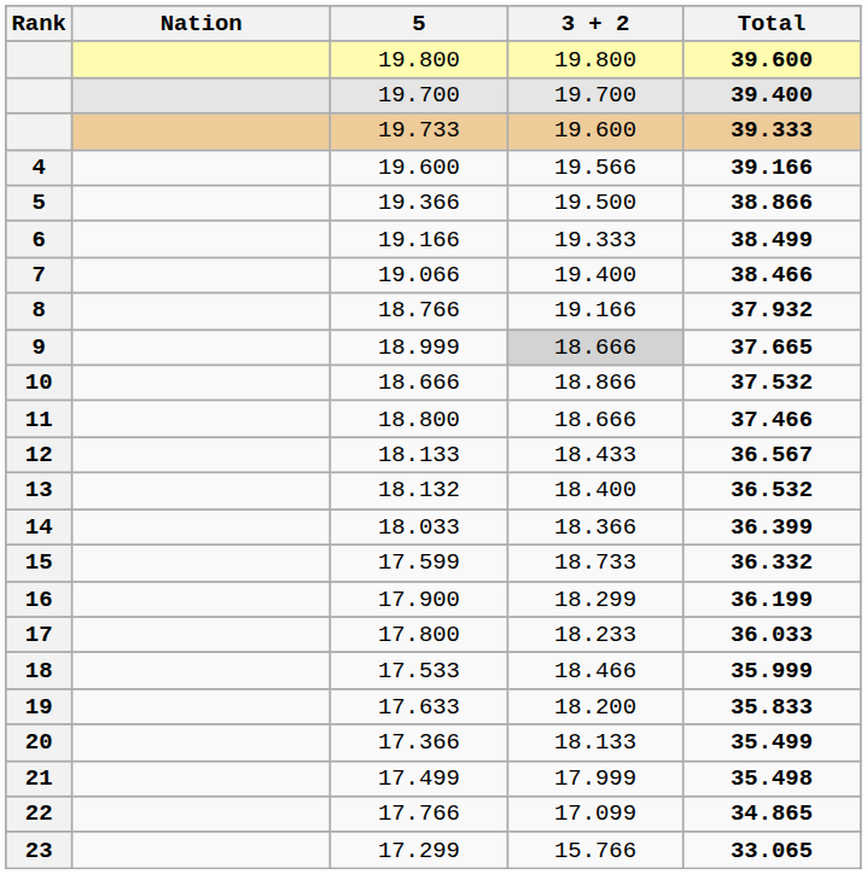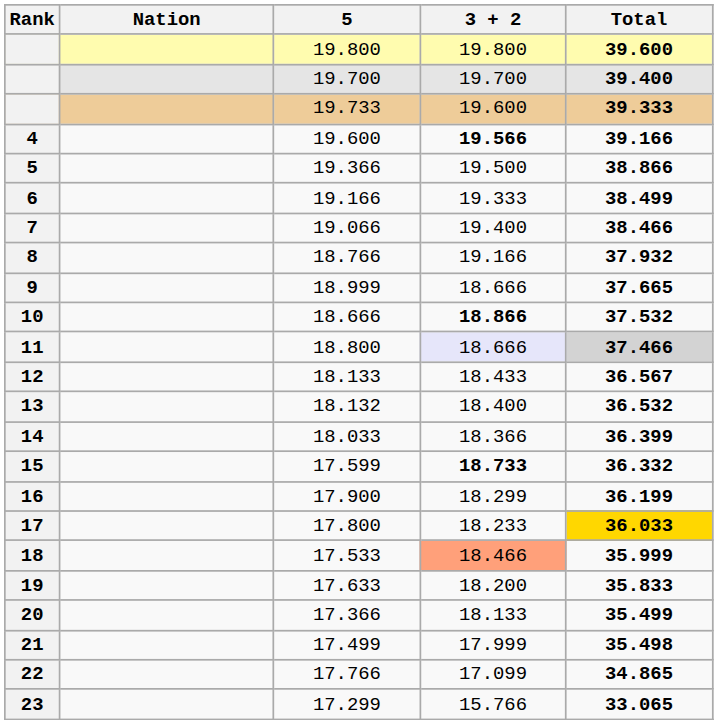 <table class="wikitable sortable" style="text-align:center; font-size:85%">
 <tr>
 <th scope="col" style="width:20px;">Rank</th>
 <th ! scope="col" style="width:120px;">Nation</th>
 <th ! scope="col" style="width:80px;">5 </th>
 <th ! scope="col" style="width:80px;">3  + 2 </th>
 <th ! scope="col" style="width:80px;">Total</th>
 </tr>
 <tr style="background:#fffcaf;">
 <th scope=row style="text-align:center"></th>
 <td align=left></td>
 <td>19.800</td>
 <td>19.800</td>
 <td><strong>39.600</strong></td>
 </tr>
 <tr |- style="background:#e5e5e5;">
 <th scope=row style="text-align:center"></th>
 <td align=left></td>
 <td>19.700</td>
 <td>19.700</td>
 <td><strong>39.400</strong></td>
 </tr>
 <tr style="background:#ec9;">
 <th scope=row style="text-align:center"></th>
 <td align=left></td>
 <td>19.733</td>
 <td>19.600</td>
 <td><strong>39.333</strong></td>
 </tr>
 <tr>
 <th scope=row style="text-align:center">4</th>
 <td align=left></td>
 <td>19.600</td>
-<td>19.566</td>
+<td><strong>19.566</strong></td>
 <td><strong>39.166</strong></td>
 </tr>
 <tr>
 <th scope=row style="text-align:center">5</th>
 <td align=left></td>
 <td>19.366</td>
 <td>19.500</td>
 <td><strong>38.866</strong></td>
 </tr>
 <tr>
 <th scope=row style="text-align:center">6</th>
 <td align=left></td>
 <td>19.166</td>
 <td>19.333</td>
 <td><strong>38.499</strong></td>
 </tr>
 <tr>
 <th scope=row style="text-align:center">7</th>
 <td align=left></td>
 <td>19.066</td>
 <td>19.400</td>
 <td><strong>38.466</strong></td>
 </tr>
 <tr>
 <th scope=row style="text-align:center">8</th>
 <td align=left></td>
 <td>18.766</td>
 <td>19.166</td>
 <td><strong>37.932</strong></td>
 </tr>
 <tr>
 <th scope=row style="text-align:center">9</th>
 <td align=left></td>
 <td>18.999</td>
-<td style="background: lightgrey;">18.666</td>
+<td>18.666</td>
 <td><strong>37.665</strong></td>
 </tr>
 <tr>
 <th scope=row style="text-align:center">10</th>
 <td align=left></td>
 <td>18.666</td>
-<td>18.866</td>
+<td><strong>18.866</strong></td>
 <td><strong>37.532</strong></td>
 </tr>
 <tr>
 <th scope=row style="text-align:center">11</th>
 <td align=left></td>
 <td>18.800</td>
-<td>18.666</td>
-<td><strong>37.466</strong></td>
+<td style="background: lavender;">18.666</td>
+<td style="background: lightgrey;"><strong>37.466</strong></td>
 </tr>
 <tr>
 <th scope=row style="text-align:center">12</th>
 <td align=left></td>
 <td>18.133</td>
 <td>18.433</td>
 <td><strong>36.567</strong></td>
 </tr>
 <tr>
 <th scope=row style="text-align:center">13</th>
 <td align=left></td>
 <td>18.132</td>
 <td>18.400</td>
 <td><strong>36.532</strong></td>
 </tr>
 <tr>
 <th scope=row style="text-align:center">14</th>
 <td align=left></td>
 <td>18.033</td>
 <td>18.366</td>
 <td><strong>36.399</strong></td>
 </tr>
 <tr>
 <th scope=row style="text-align:center">15</th>
 <td align=left></td>
 <td>17.599</td>
-<td>18.733</td>
+<td><strong>18.733</strong></td>
 <td><strong>36.332</strong></td>
 </tr>
 <tr>
 <th scope=row style="text-align:center">16</th>
 <td align=left></td>
 <td>17.900</td>
 <td>18.299</td>
 <td><strong>36.199</strong></td>
 </tr>
 <tr>
 <th scope=row style="text-align:center">17</th>
 <td align=left></td>
 <td>17.800</td>
 <td>18.233</td>
-<td><strong>36.033</strong></td>
+<td style="background: gold;"><strong>36.033</strong></td>
 </tr>
 <tr>
 <th scope=row style="text-align:center">18</th>
 <td align=left></td>
 <td>17.533</td>
-<td>18.466</td>
+<td style="background: lightsalmon;">18.466</td>
 <td><strong>35.999</strong></td>
 </tr>
 <tr>
 <th scope=row style="text-align:center">19</th>
 <td align=left></td>
 <td>17.633</td>
 <td>18.200</td>
 <td><strong>35.833</strong></td>
 </tr>
 <tr>
 <th scope=row style="text-align:center">20</th>
 <td align=left></td>
 <td>17.366</td>
 <td>18.133</td>
 <td><strong>35.499</strong></td>
 </tr>
 <tr>
 <th scope=row style="text-align:center">21</th>
 <td align=left></td>
 <td>17.499</td>
 <td>17.999</td>
 <td><strong>35.498</strong></td>
 </tr>
 <tr>
 <th scope=row style="text-align:center">22</th>
 <td align=left></td>
 <td>17.766</td>
 <td>17.099</td>
 <td><strong>34.865</strong></td>
 </tr>
 <tr>
 <th scope=row style="text-align:center">23</th>
 <td align=left></td>
 <td>17.299</td>
 <td>15.766</td>
 <td><strong>33.065</strong></td>
 </tr>
 <tr>
 </tr>
 </table>
